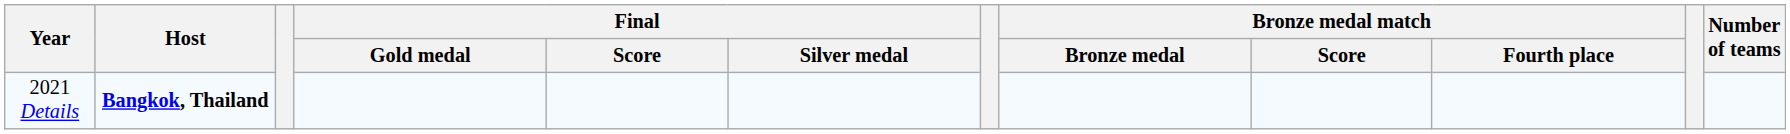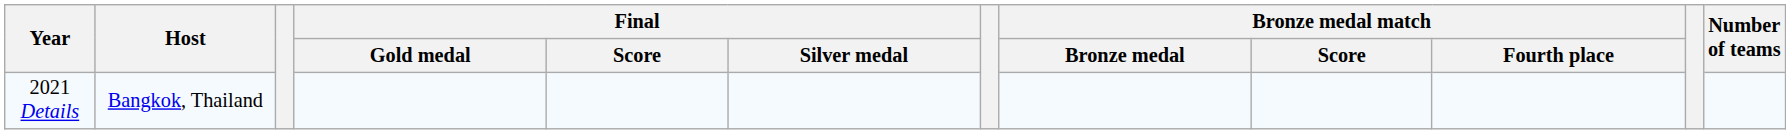 <table class="wikitable" style="text-align:center;width:100%; font-size:90%;">
 <tr>
 <th rowspan=2 width=5%>Year</th>
 <th rowspan=2 width=10%>Host</th>
 <th width=1% rowspan=4></th>
 <th colspan=3>Final</th>
 <th width=1% rowspan=4></th>
 <th colspan=3>Bronze medal match</th>
 <th width=1% rowspan=4></th>
 <th width=4% rowspan=2>Number of teams</th>
 </tr>
 <tr>
 <th width=14%>Gold medal</th>
 <th width=10%>Score</th>
 <th width=14%>Silver medal</th>
 <th width=14%>Bronze medal</th>
 <th width=10%>Score</th>
 <th width=14%>Fourth place</th>
 </tr>
 <tr bgcolor=#F5FAFF>
 <td>2021<br><em><a href='#'>Details</a></em></td>
-<td><strong><a href='#'>Bangkok</a>, Thailand</strong></td>
+<td><a href='#'>Bangkok</a>, Thailand</td>
 <td></td>
 <td></td>
 <td></td>
 <td></td>
 <td></td>
 <td></td>
 <td></td>
 </tr>
 </table>
